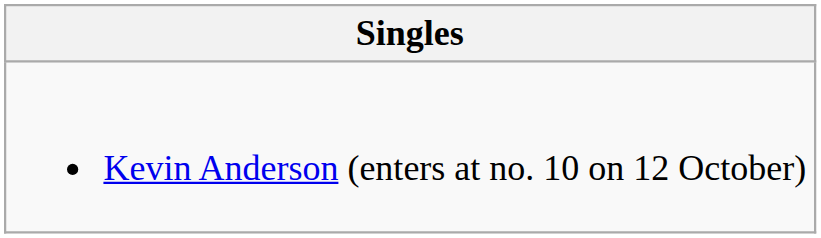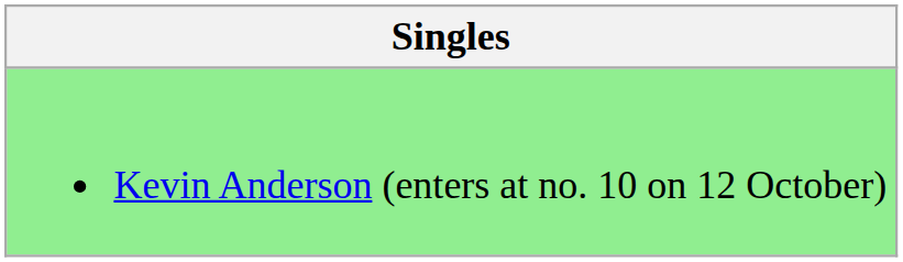 <table class="wikitable collapsible collapsed">
 <tr>
 <th>Singles</th>
 </tr>
 <tr>
-<td><br><ul><li> <a href='#'>Kevin Anderson</a> (enters at no. 10 on 12 October)</li></ul></td>
+<td style="background: lightgreen;"><br><ul><li> <a href='#'>Kevin Anderson</a> (enters at no. 10 on 12 October)</li></ul></td>
 </tr>
 </table>
